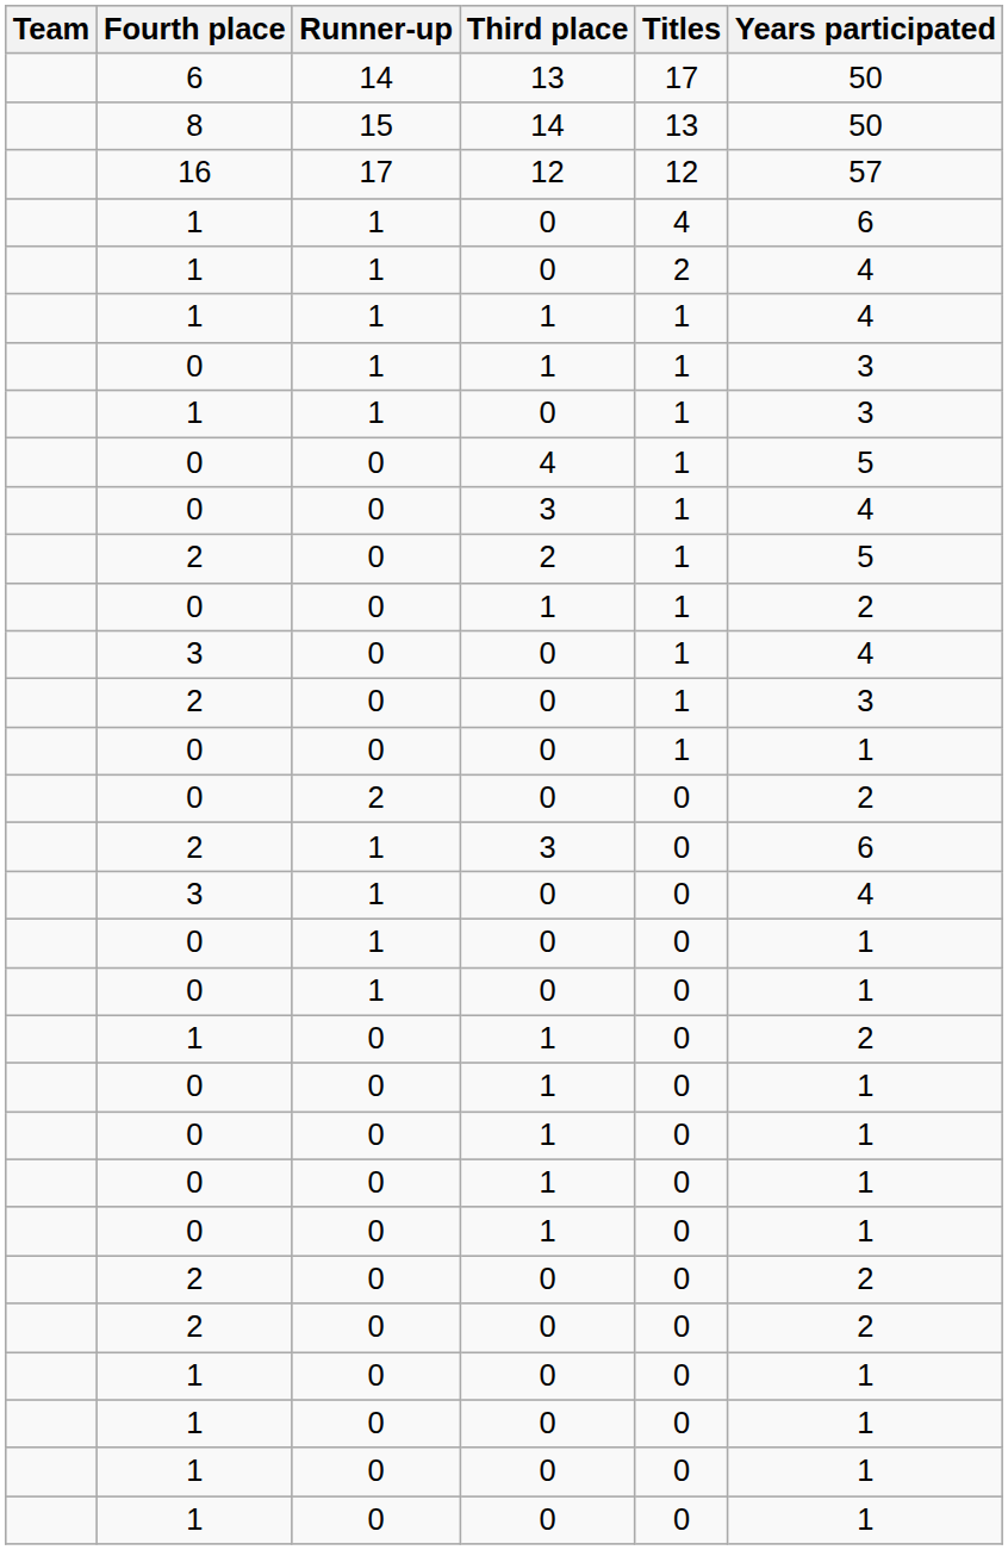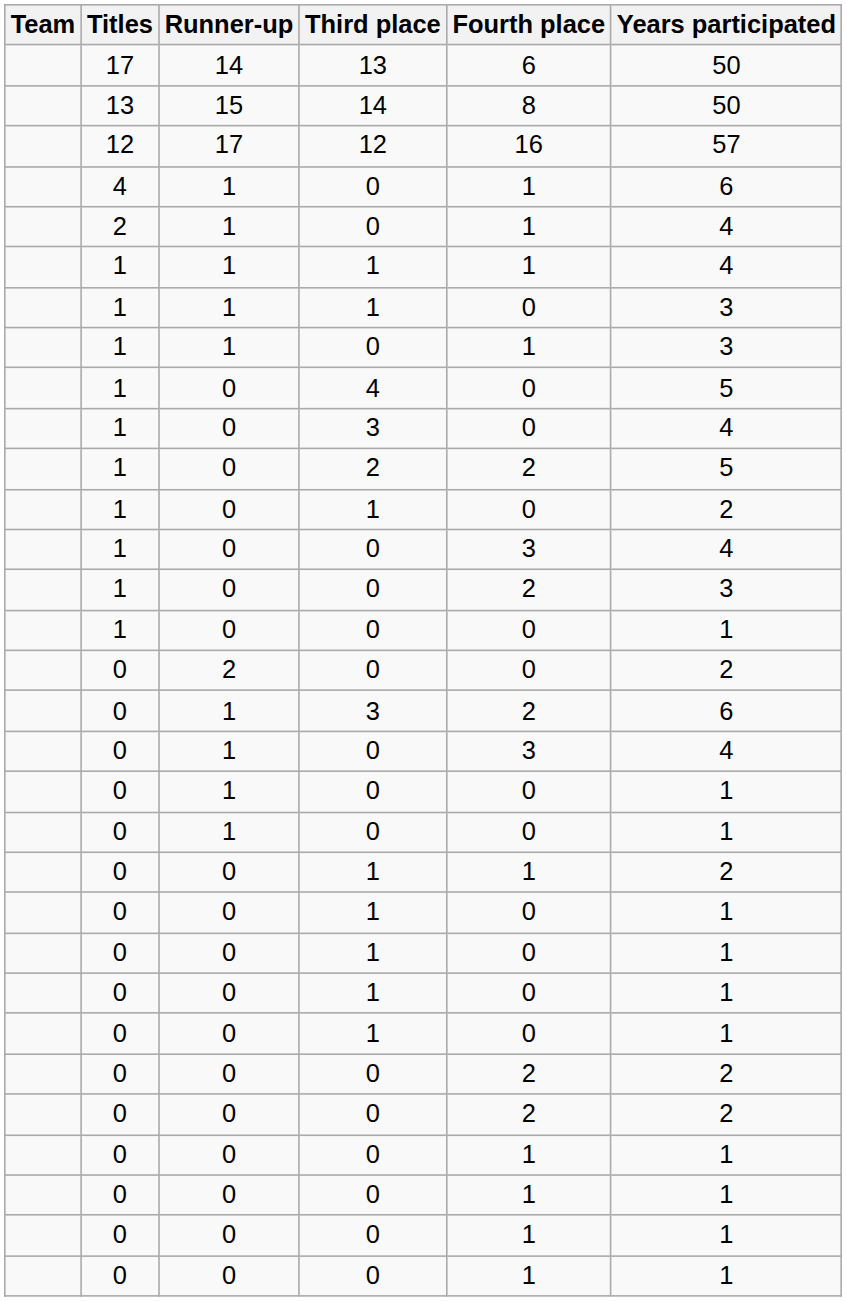 <table class="wikitable sortable" style="text-align:center" cellpadding=2 cellspacing=2>
 <tr>
 <th>Team</th>
-<th>Fourth place</th>
+<th>Titles</th>
 <th>Runner-up</th>
 <th>Third place</th>
-<th>Titles</th>
+<th>Fourth place</th>
 <th>Years participated</th>
 </tr>
 <tr>
 <td></td>
-<td>6</td>
+<td>17</td>
 <td>14</td>
 <td>13</td>
-<td>17</td>
+<td>6</td>
 <td>50</td>
 </tr>
 <tr>
 <td></td>
-<td>8</td>
+<td>13</td>
 <td>15</td>
 <td>14</td>
-<td>13</td>
+<td>8</td>
 <td>50</td>
 </tr>
 <tr>
 <td></td>
-<td>16</td>
+<td>12</td>
 <td>17</td>
 <td>12</td>
-<td>12</td>
+<td>16</td>
 <td>57</td>
 </tr>
 <tr>
 <td></td>
-<td>1</td>
+<td>4</td>
 <td>1</td>
 <td>0</td>
-<td>4</td>
+<td>1</td>
 <td>6</td>
 </tr>
 <tr>
 <td></td>
-<td>1</td>
+<td>2</td>
 <td>1</td>
 <td>0</td>
-<td>2</td>
+<td>1</td>
 <td>4</td>
 </tr>
 <tr>
 <td></td>
 <td>1</td>
 <td>1</td>
 <td>1</td>
 <td>1</td>
 <td>4</td>
 </tr>
 <tr>
 <td></td>
-<td>0</td>
 <td>1</td>
 <td>1</td>
 <td>1</td>
+<td>0</td>
 <td>3</td>
 </tr>
 <tr>
 <td></td>
 <td>1</td>
 <td>1</td>
 <td>0</td>
 <td>1</td>
 <td>3</td>
 </tr>
 <tr>
 <td></td>
-<td>0</td>
+<td>1</td>
 <td>0</td>
 <td>4</td>
-<td>1</td>
+<td>0</td>
 <td>5</td>
 </tr>
 <tr>
 <td></td>
-<td>0</td>
+<td>1</td>
 <td>0</td>
 <td>3</td>
-<td>1</td>
+<td>0</td>
 <td>4</td>
 </tr>
 <tr>
 <td></td>
-<td>2</td>
+<td>1</td>
 <td>0</td>
 <td>2</td>
-<td>1</td>
+<td>2</td>
 <td>5</td>
 </tr>
 <tr>
 <td></td>
-<td>0</td>
+<td>1</td>
 <td>0</td>
 <td>1</td>
-<td>1</td>
+<td>0</td>
 <td>2</td>
 </tr>
 <tr>
 <td></td>
-<td>3</td>
+<td>1</td>
 <td>0</td>
 <td>0</td>
-<td>1</td>
+<td>3</td>
 <td>4</td>
 </tr>
 <tr>
 <td></td>
-<td>2</td>
+<td>1</td>
 <td>0</td>
 <td>0</td>
-<td>1</td>
+<td>2</td>
 <td>3</td>
 </tr>
 <tr>
 <td></td>
+<td>1</td>
 <td>0</td>
 <td>0</td>
 <td>0</td>
-<td>1</td>
 <td>1</td>
 </tr>
 <tr>
 <td></td>
 <td>0</td>
 <td>2</td>
 <td>0</td>
 <td>0</td>
 <td>2</td>
 </tr>
 <tr>
 <td></td>
-<td>2</td>
+<td>0</td>
 <td>1</td>
 <td>3</td>
-<td>0</td>
+<td>2</td>
 <td>6</td>
 </tr>
 <tr>
 <td></td>
-<td>3</td>
+<td>0</td>
 <td>1</td>
 <td>0</td>
-<td>0</td>
+<td>3</td>
 <td>4</td>
 </tr>
 <tr>
 <td></td>
 <td>0</td>
 <td>1</td>
 <td>0</td>
 <td>0</td>
 <td>1</td>
 </tr>
 <tr>
 <td></td>
 <td>0</td>
 <td>1</td>
 <td>0</td>
 <td>0</td>
 <td>1</td>
 </tr>
 <tr>
 <td></td>
-<td>1</td>
+<td>0</td>
 <td>0</td>
 <td>1</td>
-<td>0</td>
+<td>1</td>
 <td>2</td>
 </tr>
 <tr>
 <td></td>
 <td>0</td>
 <td>0</td>
 <td>1</td>
 <td>0</td>
 <td>1</td>
 </tr>
 <tr>
 <td></td>
 <td>0</td>
 <td>0</td>
 <td>1</td>
 <td>0</td>
 <td>1</td>
 </tr>
 <tr>
 <td></td>
 <td>0</td>
 <td>0</td>
 <td>1</td>
 <td>0</td>
 <td>1</td>
 </tr>
 <tr>
 <td></td>
 <td>0</td>
 <td>0</td>
 <td>1</td>
 <td>0</td>
 <td>1</td>
 </tr>
 <tr>
 <td></td>
-<td>2</td>
 <td>0</td>
 <td>0</td>
 <td>0</td>
 <td>2</td>
+<td>2</td>
 </tr>
 <tr>
 <td></td>
-<td>2</td>
 <td>0</td>
 <td>0</td>
 <td>0</td>
 <td>2</td>
+<td>2</td>
 </tr>
 <tr>
 <td></td>
-<td>1</td>
 <td>0</td>
 <td>0</td>
 <td>0</td>
 <td>1</td>
+<td>1</td>
 </tr>
 <tr>
 <td></td>
-<td>1</td>
 <td>0</td>
 <td>0</td>
 <td>0</td>
 <td>1</td>
+<td>1</td>
 </tr>
 <tr>
 <td></td>
-<td>1</td>
 <td>0</td>
 <td>0</td>
 <td>0</td>
 <td>1</td>
+<td>1</td>
 </tr>
 <tr>
 <td></td>
-<td>1</td>
 <td>0</td>
 <td>0</td>
 <td>0</td>
 <td>1</td>
+<td>1</td>
 </tr>
 </table>
